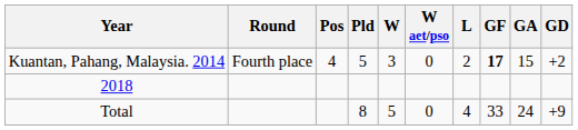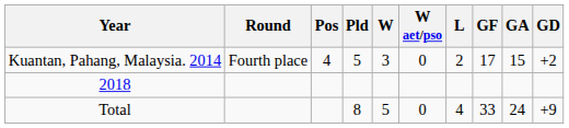 <table class="wikitable" style="text-align: center;">
 <tr>
 <th>Year</th>
 <th>Round</th>
 <th width=20>Pos</th>
 <th width=20>Pld</th>
 <th width=20>W</th>
 <th width=20>W<br><small><a href='#'>aet</a>/<a href='#'>pso</a></small></th>
 <th width=20>L</th>
 <th width=20>GF</th>
 <th width=20>GA</th>
 <th width=20>GD</th>
 </tr>
 <tr style="background:;">
 <td>Kuantan, Pahang, Malaysia. <a href='#'>2014</a></td>
 <td>Fourth place</td>
 <td>4</td>
 <td>5</td>
 <td>3</td>
 <td>0</td>
 <td>2</td>
-<td><strong>17</strong></td>
+<td>17</td>
 <td>15</td>
 <td>+2</td>
 </tr>
 <tr style="background:;">
 <td> <a href='#'>2018</a></td>
 <td></td>
 <td></td>
 <td></td>
 <td></td>
 <td></td>
 <td></td>
 <td></td>
 <td></td>
 </tr>
 <tr>
 <td>Total</td>
 <td></td>
 <td></td>
 <td>8</td>
 <td>5</td>
 <td>0</td>
 <td>4</td>
 <td>33</td>
 <td>24</td>
 <td>+9</td>
 </tr>
 </table>
